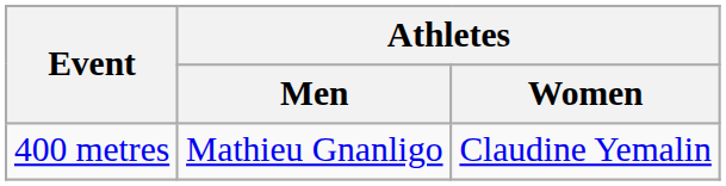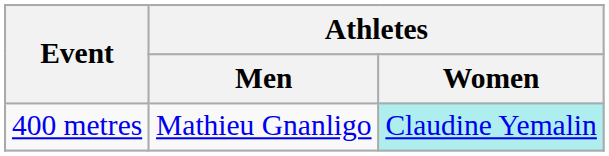 <table class=wikitable style="font-size:90%">
 <tr>
 <th rowspan=2>Event</th>
 <th colspan=2>Athletes</th>
 </tr>
 <tr>
 <th>Men</th>
 <th>Women</th>
 </tr>
 <tr>
 <td><a href='#'>400 metres</a></td>
 <td><a href='#'>Mathieu Gnanligo</a></td>
-<td><a href='#'>Claudine Yemalin</a></td>
+<td style="background: paleturquoise;"><a href='#'>Claudine Yemalin</a></td>
 </tr>
 </table>
